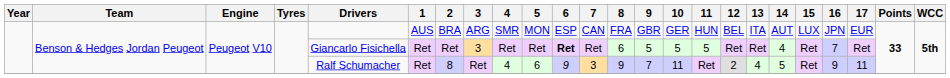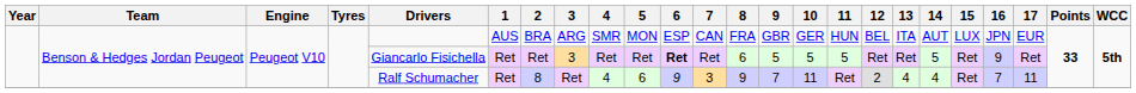 <table class="wikitable" style="text-align:center; font-size:95%">
 <tr>
 <th>Year</th>
 <th>Team</th>
 <th>Engine</th>
 <th>Tyres</th>
 <th>Drivers</th>
 <th>1</th>
 <th>2</th>
 <th>3</th>
 <th>4</th>
 <th>5</th>
 <th>6</th>
 <th>7</th>
 <th>8</th>
 <th>9</th>
 <th>10</th>
 <th>11</th>
 <th>12</th>
 <th>13</th>
 <th>14</th>
 <th>15</th>
 <th>16</th>
 <th>17</th>
 <th>Points</th>
 <th>WCC</th>
 </tr>
 <tr>
 <td rowspan="3"></td>
 <td rowspan="3"><a href='#'>Benson & Hedges</a> <a href='#'>Jordan</a> <a href='#'>Peugeot</a></td>
 <td rowspan="3"><a href='#'>Peugeot</a> <a href='#'>V10</a></td>
 <td rowspan="3"></td>
 <td></td>
 <td><a href='#'>AUS</a></td>
 <td><a href='#'>BRA</a></td>
 <td><a href='#'>ARG</a></td>
 <td><a href='#'>SMR</a></td>
 <td><a href='#'>MON</a></td>
 <td><a href='#'>ESP</a></td>
 <td><a href='#'>CAN</a></td>
 <td><a href='#'>FRA</a></td>
 <td><a href='#'>GBR</a></td>
 <td><a href='#'>GER</a></td>
 <td><a href='#'>HUN</a></td>
 <td><a href='#'>BEL</a></td>
 <td><a href='#'>ITA</a></td>
 <td><a href='#'>AUT</a></td>
 <td><a href='#'>LUX</a></td>
 <td><a href='#'>JPN</a></td>
 <td><a href='#'>EUR</a></td>
 <td rowspan="3"><strong>33</strong></td>
 <td rowspan="3"><strong>5th</strong></td>
 </tr>
 <tr>
 <td><a href='#'>Giancarlo Fisichella</a></td>
 <td style="background:#EFCFFF;">Ret</td>
 <td style="background:#EFCFFF;">Ret</td>
 <td style="background:#FFDF9F;">3</td>
 <td style="background:#EFCFFF;">Ret</td>
 <td style="background:#EFCFFF;">Ret</td>
 <td style="background:#EFCFFF;"><strong>Ret</strong></td>
 <td style="background:#EFCFFF;">Ret</td>
 <td style="background:#DFFFDF;">6</td>
 <td style="background:#DFFFDF;">5</td>
 <td style="background:#DFFFDF;">5</td>
 <td style="background:#DFFFDF;">5</td>
 <td style="background:#EFCFFF;">Ret</td>
 <td style="background:#EFCFFF;">Ret</td>
-<td style="background:#DFFFDF;">4</td>
+<td style="background:#DFFFDF;">5</td>
 <td style="background:#EFCFFF;">Ret</td>
-<td style="background:#CFCFFF;">7</td>
+<td style="background:#CFCFFF;">9</td>
 <td style="background:#EFCFFF;">Ret</td>
 </tr>
 <tr>
 <td><a href='#'>Ralf Schumacher</a></td>
 <td style="background:#EFCFFF;">Ret</td>
 <td style="background:#CFCFFF;">8</td>
 <td style="background:#EFCFFF;">Ret</td>
 <td style="background:#DFFFDF;">4</td>
 <td style="background:#DFFFDF;">6</td>
 <td style="background:#CFCFFF;"><em>9</em></td>
 <td style="background:#FFDF9F;">3</td>
 <td style="background:#CFCFFF;">9</td>
 <td style="background:#CFCFFF;">7</td>
 <td style="background:#CFCFFF;">11</td>
 <td style="background:#EFCFFF;">Ret</td>
 <td style="background:#DFDFDF;">2</td>
 <td style="background:#DFFFDF;">4</td>
-<td style="background:#DFFFDF;">5</td>
+<td style="background:#DFFFDF;">4</td>
 <td style="background:#EFCFFF;">Ret</td>
-<td style="background:#CFCFFF;">9</td>
+<td style="background:#CFCFFF;">7</td>
 <td style="background:#CFCFFF;">11</td>
 </tr>
 <tr>
 </tr>
 </table>
